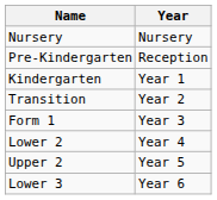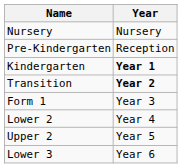 <table class="wikitable">
 <tr>
 <th>Name</th>
 <th>Year</th>
 </tr>
 <tr>
 <td>Nursery</td>
 <td>Nursery</td>
 </tr>
 <tr>
 <td>Pre-Kindergarten</td>
 <td>Reception</td>
 </tr>
 <tr>
 <td>Kindergarten</td>
-<td>Year 1</td>
+<td><strong>Year 1</strong></td>
 </tr>
 <tr>
 <td>Transition</td>
-<td>Year 2</td>
+<td><strong>Year 2</strong></td>
 </tr>
 <tr>
 <td>Form 1</td>
 <td>Year 3</td>
 </tr>
 <tr>
 <td>Lower 2</td>
 <td>Year 4</td>
 </tr>
 <tr>
 <td>Upper 2</td>
 <td>Year 5</td>
 </tr>
 <tr>
 <td>Lower 3</td>
 <td>Year 6</td>
 </tr>
 </table>
